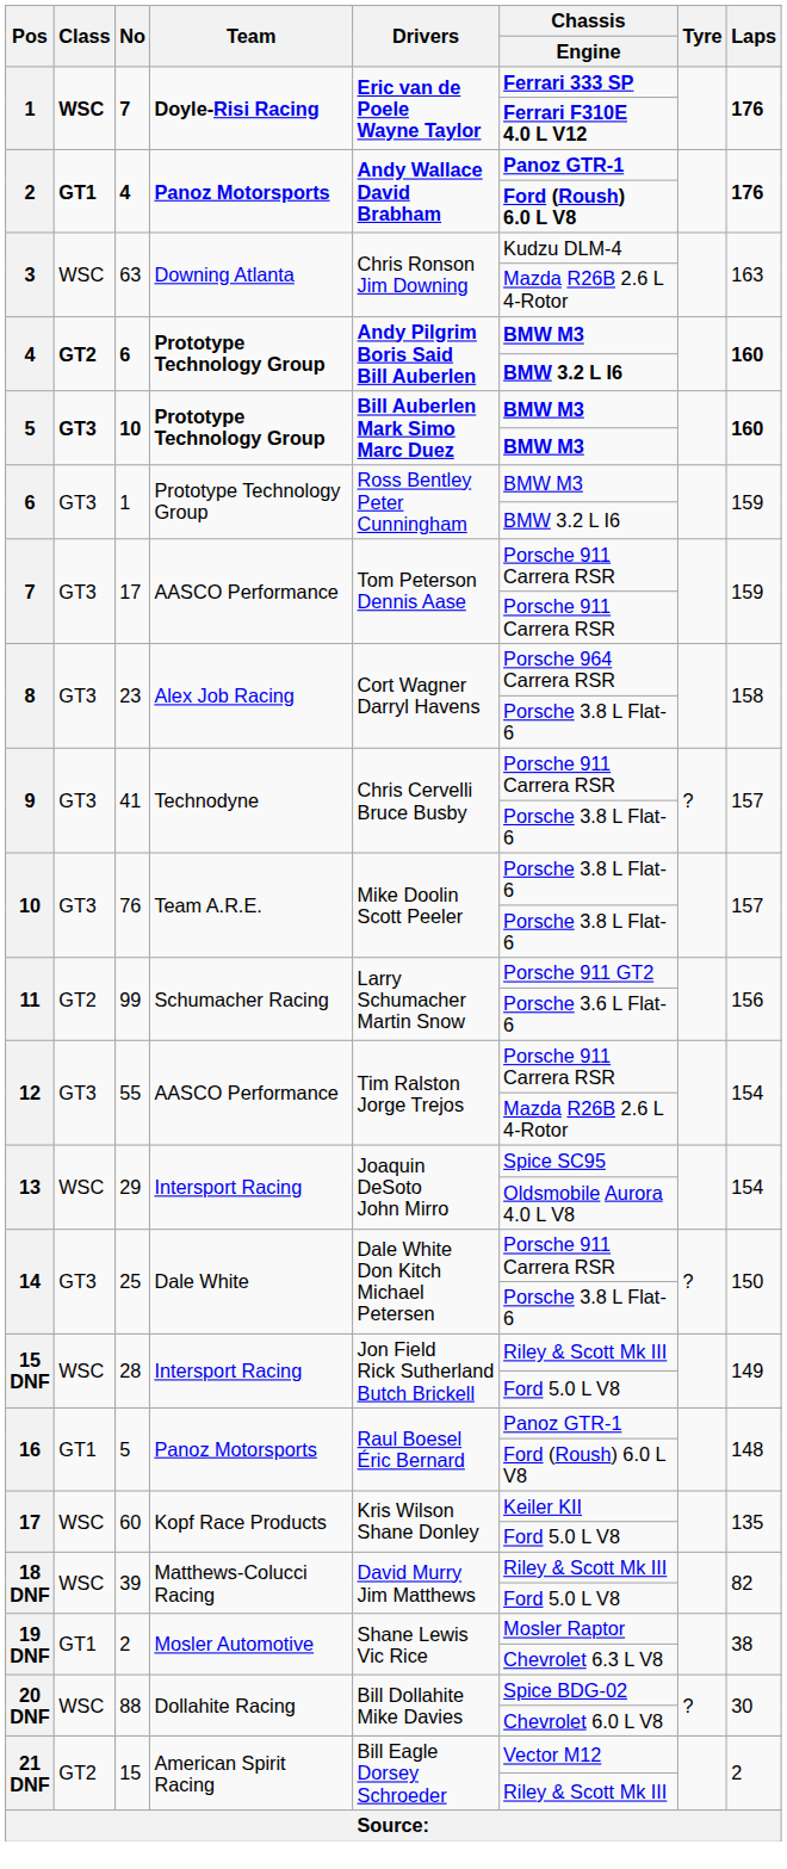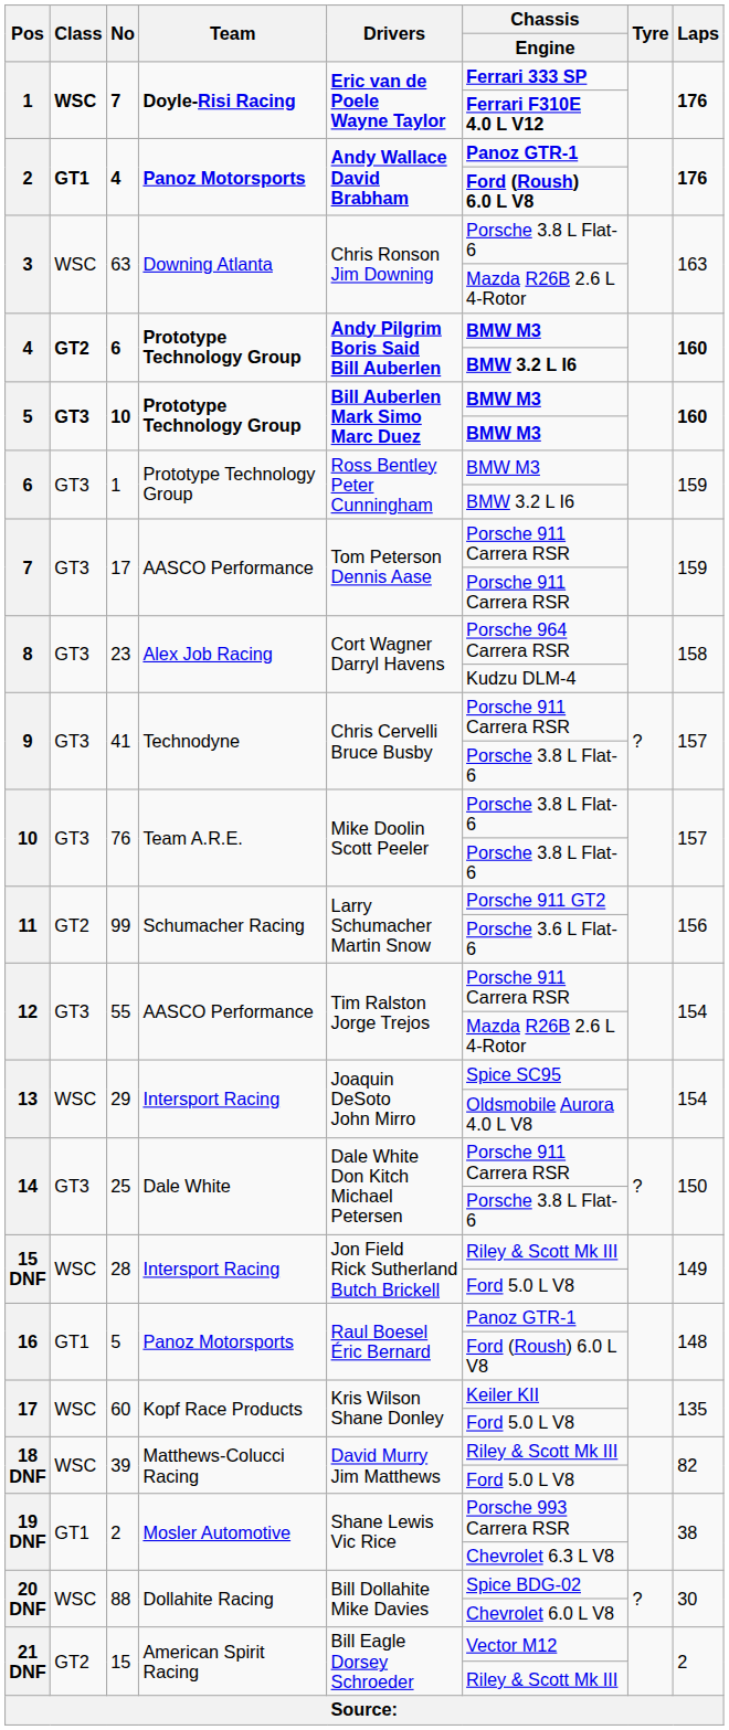 <table class="wikitable" style="font-size: 95%;">
 <tr>
 <th rowspan=2>Pos</th>
 <th rowspan=2>Class</th>
 <th rowspan=2>No</th>
 <th rowspan=2>Team</th>
 <th rowspan=2>Drivers</th>
 <th>Chassis</th>
 <th rowspan=2>Tyre</th>
 <th rowspan=2>Laps</th>
 </tr>
 <tr>
 <th>Engine</th>
 </tr>
 <tr>
 <th rowspan=2>1</th>
 <td rowspan=2><strong>WSC</strong></td>
 <td rowspan=2><strong>7</strong></td>
 <td rowspan=2><strong> Doyle-<a href='#'>Risi Racing</a></strong></td>
 <td rowspan=2><strong> <a href='#'>Eric van de Poele</a><br> <a href='#'>Wayne Taylor</a></strong></td>
 <td><strong><a href='#'>Ferrari 333 SP</a></strong></td>
 <td rowspan=2></td>
 <td rowspan=2><strong>176</strong></td>
 </tr>
 <tr>
 <td><strong><a href='#'>Ferrari F310E</a> 4.0 L V12</strong></td>
 </tr>
 <tr>
 <th rowspan=2>2</th>
 <td rowspan=2><strong>GT1</strong></td>
 <td rowspan=2><strong>4</strong></td>
 <td rowspan=2><strong> <a href='#'>Panoz Motorsports</a></strong></td>
 <td rowspan=2><strong> <a href='#'>Andy Wallace</a><br> <a href='#'>David Brabham</a></strong></td>
 <td><strong><a href='#'>Panoz GTR-1</a></strong></td>
 <td rowspan=2></td>
 <td rowspan=2><strong>176</strong></td>
 </tr>
 <tr>
 <td><strong><a href='#'>Ford</a> (<a href='#'>Roush</a>) 6.0 L V8</strong></td>
 </tr>
 <tr>
 <th rowspan=2>3</th>
 <td rowspan=2>WSC</td>
 <td rowspan=2>63</td>
 <td rowspan=2> <a href='#'>Downing Atlanta</a></td>
 <td rowspan=2> Chris Ronson<br> <a href='#'>Jim Downing</a></td>
-<td>Kudzu DLM-4</td>
+<td><a href='#'>Porsche</a> 3.8 L Flat-6</td>
 <td rowspan=2></td>
 <td rowspan=2>163</td>
 </tr>
 <tr>
 <td><a href='#'>Mazda</a> <a href='#'>R26B</a> 2.6 L 4-Rotor</td>
 </tr>
 <tr>
 <th rowspan=2>4</th>
 <td rowspan=2><strong>GT2</strong></td>
 <td rowspan=2><strong>6</strong></td>
 <td rowspan=2><strong> Prototype Technology Group</strong></td>
 <td rowspan=2><strong> <a href='#'>Andy Pilgrim</a><br> <a href='#'>Boris Said</a><br> <a href='#'>Bill Auberlen</a></strong></td>
 <td><a href='#'><strong>BMW M3</strong></a></td>
 <td rowspan=2></td>
 <td rowspan=2><strong>160</strong></td>
 </tr>
 <tr>
 <td><strong><a href='#'>BMW</a> 3.2 L I6</strong></td>
 </tr>
 <tr>
 <th rowspan=2>5</th>
 <td rowspan=2><strong>GT3</strong></td>
 <td rowspan=2><strong>10</strong></td>
 <td rowspan=2><strong> Prototype Technology Group</strong></td>
 <td rowspan=2><strong> <a href='#'>Bill Auberlen</a><br> <a href='#'>Mark Simo</a><br> <a href='#'>Marc Duez</a></strong></td>
 <td><a href='#'><strong>BMW M3</strong></a></td>
 <td rowspan=2></td>
 <td rowspan=2><strong>160</strong></td>
 </tr>
 <tr>
 <td><a href='#'><strong>BMW M3</strong></a></td>
 </tr>
 <tr>
 <th rowspan=2>6</th>
 <td rowspan=2>GT3</td>
 <td rowspan=2>1</td>
 <td rowspan=2> Prototype Technology Group</td>
 <td rowspan=2> <a href='#'>Ross Bentley</a><br> <a href='#'>Peter Cunningham</a></td>
 <td><a href='#'>BMW M3</a></td>
 <td rowspan=2></td>
 <td rowspan=2>159</td>
 </tr>
 <tr>
 <td><a href='#'>BMW</a> 3.2 L I6</td>
 </tr>
 <tr>
 <th rowspan=2>7</th>
 <td rowspan=2>GT3</td>
 <td rowspan=2>17</td>
 <td rowspan=2> AASCO Performance</td>
 <td rowspan=2> Tom Peterson<br> <a href='#'>Dennis Aase</a></td>
 <td><a href='#'>Porsche 911</a> Carrera RSR</td>
 <td rowspan=2></td>
 <td rowspan=2>159</td>
 </tr>
 <tr>
 <td><a href='#'>Porsche 911</a> Carrera RSR</td>
 </tr>
 <tr>
 <th rowspan=2>8</th>
 <td rowspan=2>GT3</td>
 <td rowspan=2>23</td>
 <td rowspan=2> <a href='#'>Alex Job Racing</a></td>
 <td rowspan=2> Cort Wagner<br> Darryl Havens</td>
 <td><a href='#'>Porsche 964</a> Carrera RSR</td>
 <td rowspan=2></td>
 <td rowspan=2>158</td>
 </tr>
 <tr>
-<td><a href='#'>Porsche</a> 3.8 L Flat-6</td>
+<td>Kudzu DLM-4</td>
 </tr>
 <tr>
 <th rowspan=2>9</th>
 <td rowspan=2>GT3</td>
 <td rowspan=2>41</td>
 <td rowspan=2> Technodyne</td>
 <td rowspan=2> Chris Cervelli<br> Bruce Busby</td>
 <td><a href='#'>Porsche 911</a> Carrera RSR</td>
 <td rowspan=2>?</td>
 <td rowspan=2>157</td>
 </tr>
 <tr>
 <td><a href='#'>Porsche</a> 3.8 L Flat-6</td>
 </tr>
 <tr>
 <th rowspan=2>10</th>
 <td rowspan=2>GT3</td>
 <td rowspan=2>76</td>
 <td rowspan=2> Team A.R.E.</td>
 <td rowspan=2> Mike Doolin<br> Scott Peeler</td>
 <td><a href='#'>Porsche</a> 3.8 L Flat-6</td>
 <td rowspan=2></td>
 <td rowspan=2>157</td>
 </tr>
 <tr>
 <td><a href='#'>Porsche</a> 3.8 L Flat-6</td>
 </tr>
 <tr>
 <th rowspan=2>11</th>
 <td rowspan=2>GT2</td>
 <td rowspan=2>99</td>
 <td rowspan=2> Schumacher Racing</td>
 <td rowspan=2> Larry Schumacher<br> Martin Snow</td>
 <td><a href='#'>Porsche 911 GT2</a></td>
 <td rowspan=2></td>
 <td rowspan=2>156</td>
 </tr>
 <tr>
 <td><a href='#'>Porsche</a> 3.6 L Flat-6</td>
 </tr>
 <tr>
 <th rowspan=2>12</th>
 <td rowspan=2>GT3</td>
 <td rowspan=2>55</td>
 <td rowspan=2> AASCO Performance</td>
 <td rowspan=2> Tim Ralston<br> Jorge Trejos</td>
 <td><a href='#'>Porsche 911</a> Carrera RSR</td>
 <td rowspan=2></td>
 <td rowspan=2>154</td>
 </tr>
 <tr>
 <td><a href='#'>Mazda</a> <a href='#'>R26B</a> 2.6 L 4-Rotor</td>
 </tr>
 <tr>
 <th rowspan=2>13</th>
 <td rowspan=2>WSC</td>
 <td rowspan=2>29</td>
 <td rowspan=2> <a href='#'>Intersport Racing</a></td>
 <td rowspan=2> Joaquin DeSoto<br> John Mirro</td>
 <td><a href='#'>Spice SC95</a></td>
 <td rowspan=2></td>
 <td rowspan=2>154</td>
 </tr>
 <tr>
 <td><a href='#'>Oldsmobile</a> <a href='#'>Aurora</a> 4.0 L V8</td>
 </tr>
 <tr>
 <th rowspan=2>14</th>
 <td rowspan=2>GT3</td>
 <td rowspan=2>25</td>
 <td rowspan=2> Dale White</td>
 <td rowspan=2> Dale White<br> Don Kitch<br> Michael Petersen</td>
 <td><a href='#'>Porsche 911</a> Carrera RSR</td>
 <td rowspan=2>?</td>
 <td rowspan=2>150</td>
 </tr>
 <tr>
 <td><a href='#'>Porsche</a> 3.8 L Flat-6</td>
 </tr>
 <tr>
 <th rowspan=2>15<br>DNF</th>
 <td rowspan=2>WSC</td>
 <td rowspan=2>28</td>
 <td rowspan=2> <a href='#'>Intersport Racing</a></td>
 <td rowspan=2> Jon Field<br> Rick Sutherland<br> <a href='#'>Butch Brickell</a></td>
 <td><a href='#'>Riley & Scott Mk III</a></td>
 <td rowspan=2></td>
 <td rowspan=2>149</td>
 </tr>
 <tr>
 <td><a href='#'>Ford</a> 5.0 L V8</td>
 </tr>
 <tr>
 <th rowspan=2>16</th>
 <td rowspan=2>GT1</td>
 <td rowspan=2>5</td>
 <td rowspan=2> <a href='#'>Panoz Motorsports</a></td>
 <td rowspan=2> <a href='#'>Raul Boesel</a><br> <a href='#'>Éric Bernard</a></td>
 <td><a href='#'>Panoz GTR-1</a></td>
 <td rowspan=2></td>
 <td rowspan=2>148</td>
 </tr>
 <tr>
 <td><a href='#'>Ford</a> (<a href='#'>Roush</a>) 6.0 L V8</td>
 </tr>
 <tr>
 <th rowspan=2>17</th>
 <td rowspan=2>WSC</td>
 <td rowspan=2>60</td>
 <td rowspan=2> Kopf Race Products</td>
 <td rowspan=2> Kris Wilson<br> Shane Donley</td>
 <td><a href='#'>Keiler KII</a></td>
 <td rowspan=2></td>
 <td rowspan=2>135</td>
 </tr>
 <tr>
 <td><a href='#'>Ford</a> 5.0 L V8</td>
 </tr>
 <tr>
 <th rowspan=2>18<br>DNF</th>
 <td rowspan=2>WSC</td>
 <td rowspan=2>39</td>
 <td rowspan=2> Matthews-Colucci Racing</td>
 <td rowspan=2> <a href='#'>David Murry</a><br> Jim Matthews</td>
 <td><a href='#'>Riley & Scott Mk III</a></td>
 <td rowspan=2></td>
 <td rowspan=2>82</td>
 </tr>
 <tr>
 <td><a href='#'>Ford</a> 5.0 L V8</td>
 </tr>
 <tr>
 <th rowspan=2>19<br>DNF</th>
 <td rowspan=2>GT1</td>
 <td rowspan=2>2</td>
 <td rowspan=2> <a href='#'>Mosler Automotive</a></td>
 <td rowspan=2> Shane Lewis<br> Vic Rice</td>
-<td><a href='#'>Mosler Raptor</a></td>
+<td><a href='#'>Porsche 993</a> Carrera RSR</td>
 <td rowspan=2></td>
 <td rowspan=2>38</td>
 </tr>
 <tr>
 <td><a href='#'>Chevrolet</a> 6.3 L V8</td>
 </tr>
 <tr>
 <th rowspan=2>20<br>DNF</th>
 <td rowspan=2>WSC</td>
 <td rowspan=2>88</td>
 <td rowspan=2> Dollahite Racing</td>
 <td rowspan=2> Bill Dollahite<br> Mike Davies</td>
 <td><a href='#'>Spice BDG-02</a></td>
 <td rowspan=2>?</td>
 <td rowspan=2>30</td>
 </tr>
 <tr>
 <td><a href='#'>Chevrolet</a> 6.0 L V8</td>
 </tr>
 <tr>
 <th rowspan=2>21<br>DNF</th>
 <td rowspan=2>GT2</td>
 <td rowspan=2>15</td>
 <td rowspan=2> American Spirit Racing</td>
 <td rowspan=2> Bill Eagle<br> <a href='#'>Dorsey Schroeder</a></td>
 <td><a href='#'>Vector M12</a></td>
 <td rowspan=2></td>
 <td rowspan=2>2</td>
 </tr>
 <tr>
 <td><a href='#'>Riley & Scott Mk III</a></td>
 </tr>
 <tr>
 <th colspan="8">Source:</th>
 </tr>
 </table>
